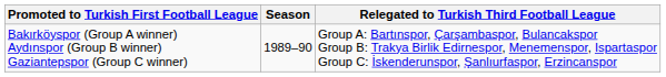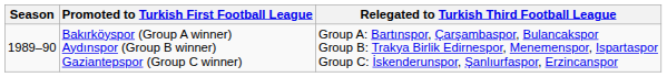 <table class="wikitable">
 <tr>
+<th>Season</th>
 <th>Promoted to <a href='#'>Turkish First Football League</a></th>
-<th>Season</th>
 <th>Relegated to <a href='#'>Turkish Third Football League</a></th>
 </tr>
 <tr>
+<td>1989–90</td>
 <td><a href='#'>Bakırköyspor</a> (Group A winner)<br><a href='#'>Aydınspor</a> (Group B winner)<br><a href='#'>Gaziantepspor</a> (Group C winner)</td>
-<td>1989–90</td>
 <td>Group A: <a href='#'>Bartınspor</a>, <a href='#'>Çarşambaspor</a>, <a href='#'>Bulancakspor</a><br>Group B: <a href='#'>Trakya Birlik Edirnespor</a>, <a href='#'>Menemenspor</a>, <a href='#'>Ispartaspor</a><br>Group C: <a href='#'>İskenderunspor</a>, <a href='#'>Şanlıurfaspor</a>, <a href='#'>Erzincanspor</a></td>
 </tr>
 </table>
